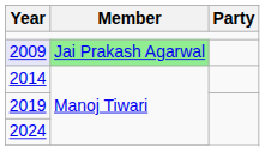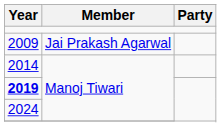 <table class="wikitable sortable">
 <tr>
 <th>Year</th>
 <th>Member</th>
 <th colspan="2">Party</th>
 </tr>
 <tr>
 <td colspan="4"></td>
 </tr>
 <tr>
-<td style="background: lavender;"><a href='#'>2009</a></td>
-<td style="background: lightgreen;"><a href='#'>Jai Prakash Agarwal</a></td>
+<td><a href='#'>2009</a></td>
+<td><a href='#'>Jai Prakash Agarwal</a></td>
 <td></td>
 </tr>
 <tr>
 <td><a href='#'>2014</a></td>
 <td rowspan="3"><a href='#'>Manoj Tiwari</a></td>
 <td></td>
 </tr>
 <tr>
-<td><a href='#'>2019</a></td>
+<td><strong><a href='#'>2019</a></strong></td>
 </tr>
 <tr>
 <td><a href='#'>2024</a></td>
 </tr>
 <tr>
 </tr>
 </table>
